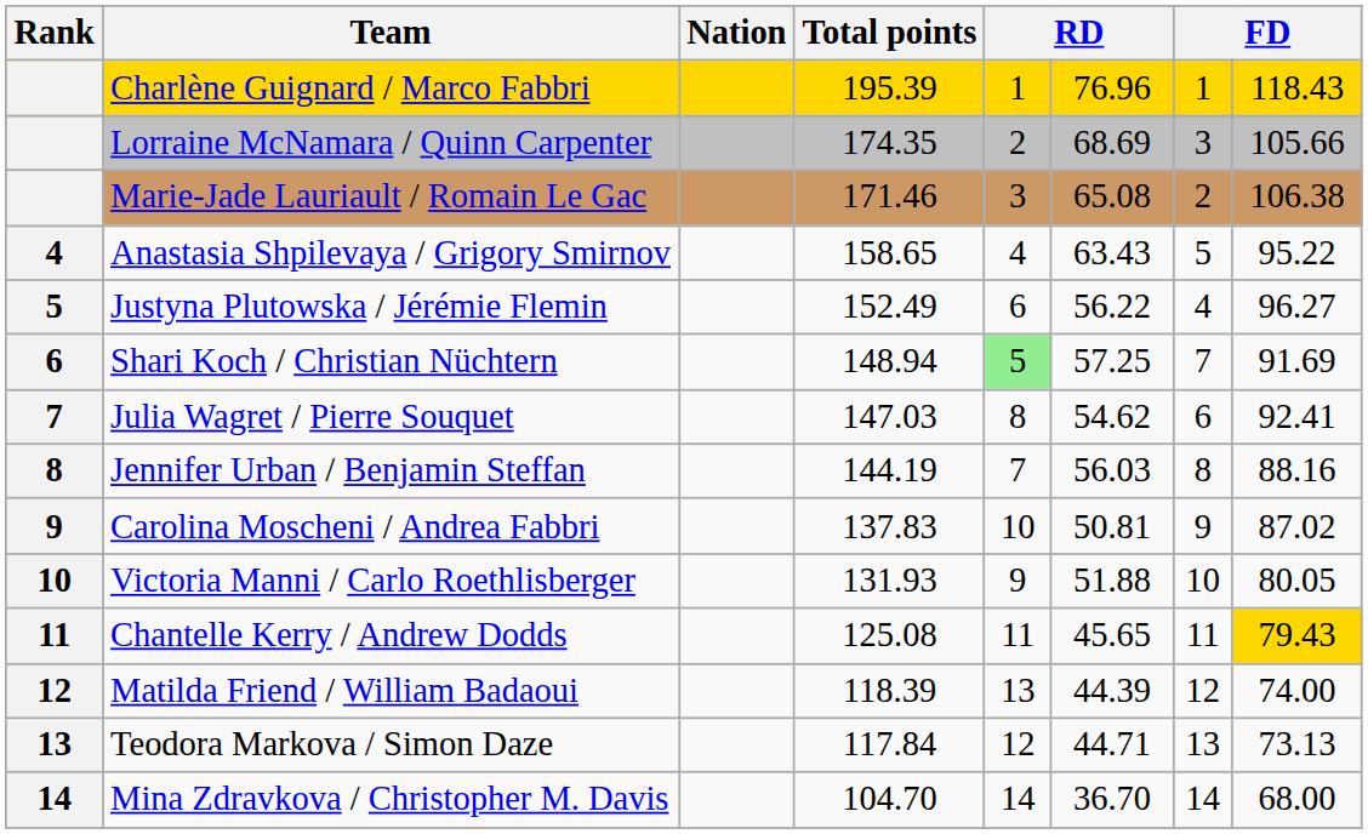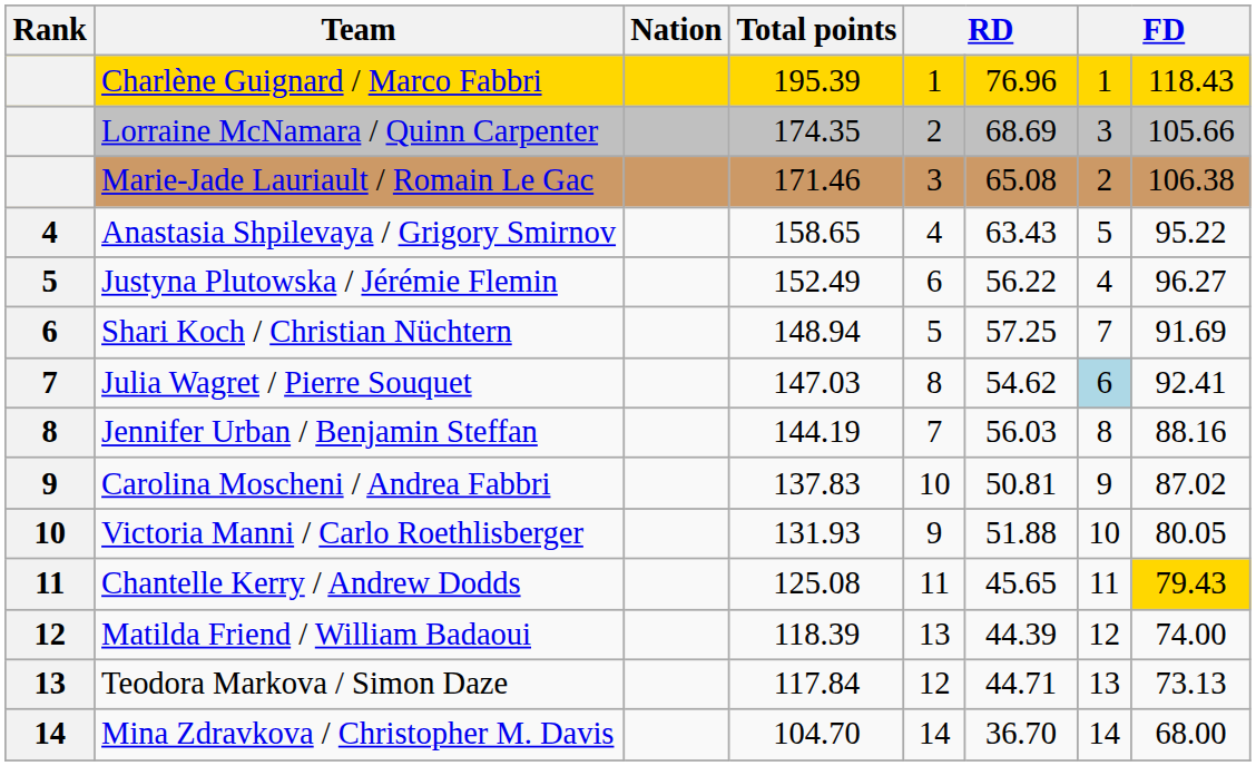 <table class="wikitable sortable" style="text-align:left">
 <tr>
 <th scope="col">Rank</th>
 <th scope="col">Team</th>
 <th scope="col">Nation</th>
 <th scope="col">Total points</th>
 <th scope="col" colspan="2" width="80px"><a href='#'>RD</a></th>
 <th scope="col" colspan="2" width="80px"><a href='#'>FD</a></th>
 </tr>
 <tr bgcolor="gold">
 <th scope="row"></th>
 <td><a href='#'>Charlène Guignard</a> / <a href='#'>Marco Fabbri</a></td>
 <td></td>
 <td align="center">195.39</td>
 <td align="center">1</td>
 <td align="center">76.96</td>
 <td align="center">1</td>
 <td align="center">118.43</td>
 </tr>
 <tr bgcolor="silver">
 <th scope="row"></th>
 <td><a href='#'>Lorraine McNamara</a> / <a href='#'>Quinn Carpenter</a></td>
 <td></td>
 <td align="center">174.35</td>
 <td align="center">2</td>
 <td align="center">68.69</td>
 <td align="center">3</td>
 <td align="center">105.66</td>
 </tr>
 <tr bgcolor="cc9966">
 <th scope="row"></th>
 <td><a href='#'>Marie-Jade Lauriault</a> / <a href='#'>Romain Le Gac</a></td>
 <td></td>
 <td align="center">171.46</td>
 <td align="center">3</td>
 <td align="center">65.08</td>
 <td align="center">2</td>
 <td align="center">106.38</td>
 </tr>
 <tr>
 <th scope="row">4</th>
 <td><a href='#'>Anastasia Shpilevaya</a> / <a href='#'>Grigory Smirnov</a></td>
 <td></td>
 <td align="center">158.65</td>
 <td align="center">4</td>
 <td align="center">63.43</td>
 <td align="center">5</td>
 <td align="center">95.22</td>
 </tr>
 <tr>
 <th scope="row">5</th>
 <td><a href='#'>Justyna Plutowska</a> / <a href='#'>Jérémie Flemin</a></td>
 <td></td>
 <td align="center">152.49</td>
 <td align="center">6</td>
 <td align="center">56.22</td>
 <td align="center">4</td>
 <td align="center">96.27</td>
 </tr>
 <tr>
 <th scope="row">6</th>
 <td><a href='#'>Shari Koch</a> / <a href='#'>Christian Nüchtern</a></td>
 <td></td>
 <td align="center">148.94</td>
-<td align="center" style="background: lightgreen;">5</td>
+<td align="center">5</td>
 <td align="center">57.25</td>
 <td align="center">7</td>
 <td align="center">91.69</td>
 </tr>
 <tr>
 <th scope="row">7</th>
 <td><a href='#'>Julia Wagret</a> / <a href='#'>Pierre Souquet</a></td>
 <td></td>
 <td align="center">147.03</td>
 <td align="center">8</td>
 <td align="center">54.62</td>
-<td align="center">6</td>
+<td align="center" style="background: lightblue;">6</td>
 <td align="center">92.41</td>
 </tr>
 <tr>
 <th scope="row">8</th>
 <td><a href='#'>Jennifer Urban</a> / <a href='#'>Benjamin Steffan</a></td>
 <td></td>
 <td align="center">144.19</td>
 <td align="center">7</td>
 <td align="center">56.03</td>
 <td align="center">8</td>
 <td align="center">88.16</td>
 </tr>
 <tr>
 <th scope="row">9</th>
 <td><a href='#'>Carolina Moscheni</a> / <a href='#'>Andrea Fabbri</a></td>
 <td></td>
 <td align="center">137.83</td>
 <td align="center">10</td>
 <td align="center">50.81</td>
 <td align="center">9</td>
 <td align="center">87.02</td>
 </tr>
 <tr>
 <th scope="row">10</th>
 <td><a href='#'>Victoria Manni</a> / <a href='#'>Carlo Roethlisberger</a></td>
 <td></td>
 <td align="center">131.93</td>
 <td align="center">9</td>
 <td align="center">51.88</td>
 <td align="center">10</td>
 <td align="center">80.05</td>
 </tr>
 <tr>
 <th scope="row">11</th>
 <td><a href='#'>Chantelle Kerry</a> / <a href='#'>Andrew Dodds</a></td>
 <td></td>
 <td align="center">125.08</td>
 <td align="center">11</td>
 <td align="center">45.65</td>
 <td align="center">11</td>
 <td align="center" style="background: gold;">79.43</td>
 </tr>
 <tr>
 <th scope="row">12</th>
 <td><a href='#'>Matilda Friend</a> / <a href='#'>William Badaoui</a></td>
 <td></td>
 <td align="center">118.39</td>
 <td align="center">13</td>
 <td align="center">44.39</td>
 <td align="center">12</td>
 <td align="center">74.00</td>
 </tr>
 <tr>
 <th scope="row">13</th>
 <td>Teodora Markova / Simon Daze</td>
 <td></td>
 <td align="center">117.84</td>
 <td align="center">12</td>
 <td align="center">44.71</td>
 <td align="center">13</td>
 <td align="center">73.13</td>
 </tr>
 <tr>
 <th scope="row">14</th>
 <td><a href='#'>Mina Zdravkova</a> / <a href='#'>Christopher M. Davis</a></td>
 <td></td>
 <td align="center">104.70</td>
 <td align="center">14</td>
 <td align="center">36.70</td>
 <td align="center">14</td>
 <td align="center">68.00</td>
 </tr>
 </table>
